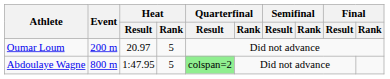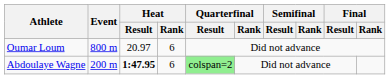 <table class=wikitable style="font-size:90%">
 <tr>
 <th rowspan="2">Athlete</th>
 <th rowspan="2">Event</th>
 <th colspan="2">Heat</th>
 <th colspan="2">Quarterfinal</th>
 <th colspan="2">Semifinal</th>
 <th colspan="2">Final</th>
 </tr>
 <tr style="font-size:95%">
 <th>Result</th>
 <th>Rank</th>
 <th>Result</th>
 <th>Rank</th>
 <th>Result</th>
 <th>Rank</th>
 <th>Result</th>
 <th>Rank</th>
 </tr>
 <tr align=center>
 <td align=left><a href='#'>Oumar Loum</a></td>
-<td align=left><a href='#'>200 m</a></td>
+<td align=left><a href='#'>800 m</a></td>
 <td>20.97</td>
-<td>5</td>
+<td>6</td>
 <td colspan=6>Did not advance</td>
 </tr>
 <tr align=center>
 <td align=left><a href='#'>Abdoulaye Wagne</a></td>
-<td align=left><a href='#'>800 m</a></td>
-<td>1:47.95</td>
-<td>5</td>
+<td align=left><a href='#'>200 m</a></td>
+<td><strong>1:47.95</strong></td>
+<td>6</td>
 <td style="background: lightgreen;">colspan=2 </td>
 <td colspan=4>Did not advance</td>
 </tr>
 </table>
